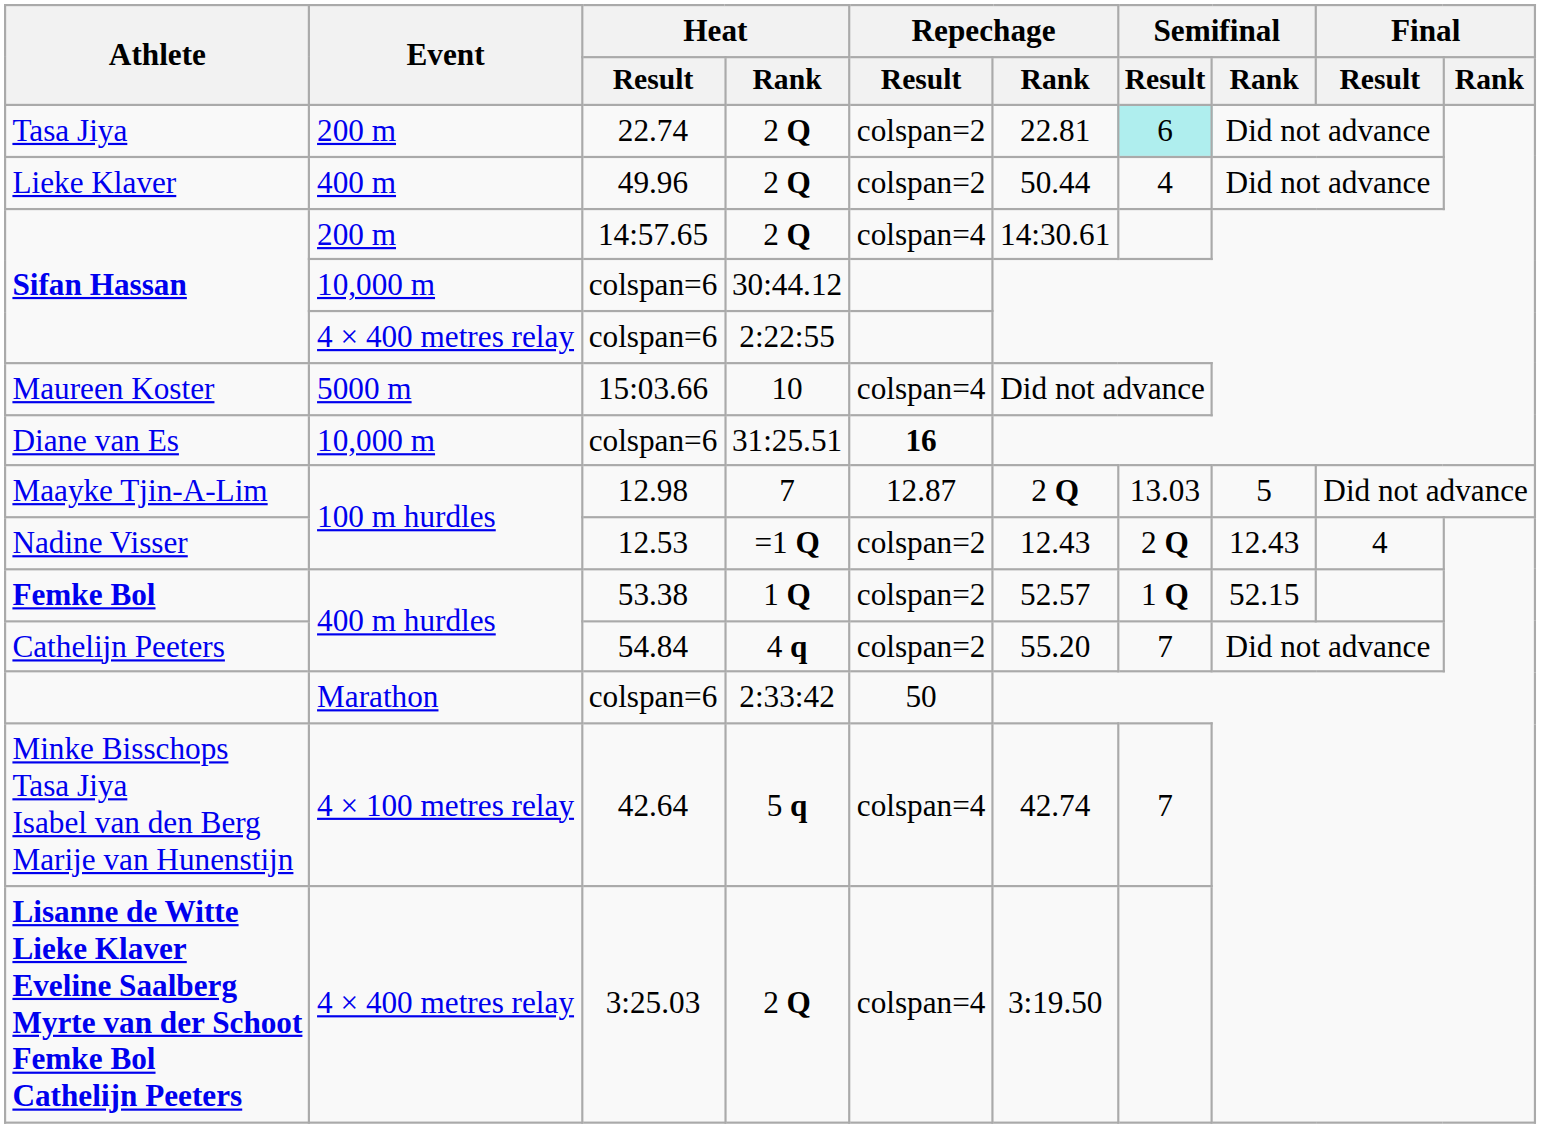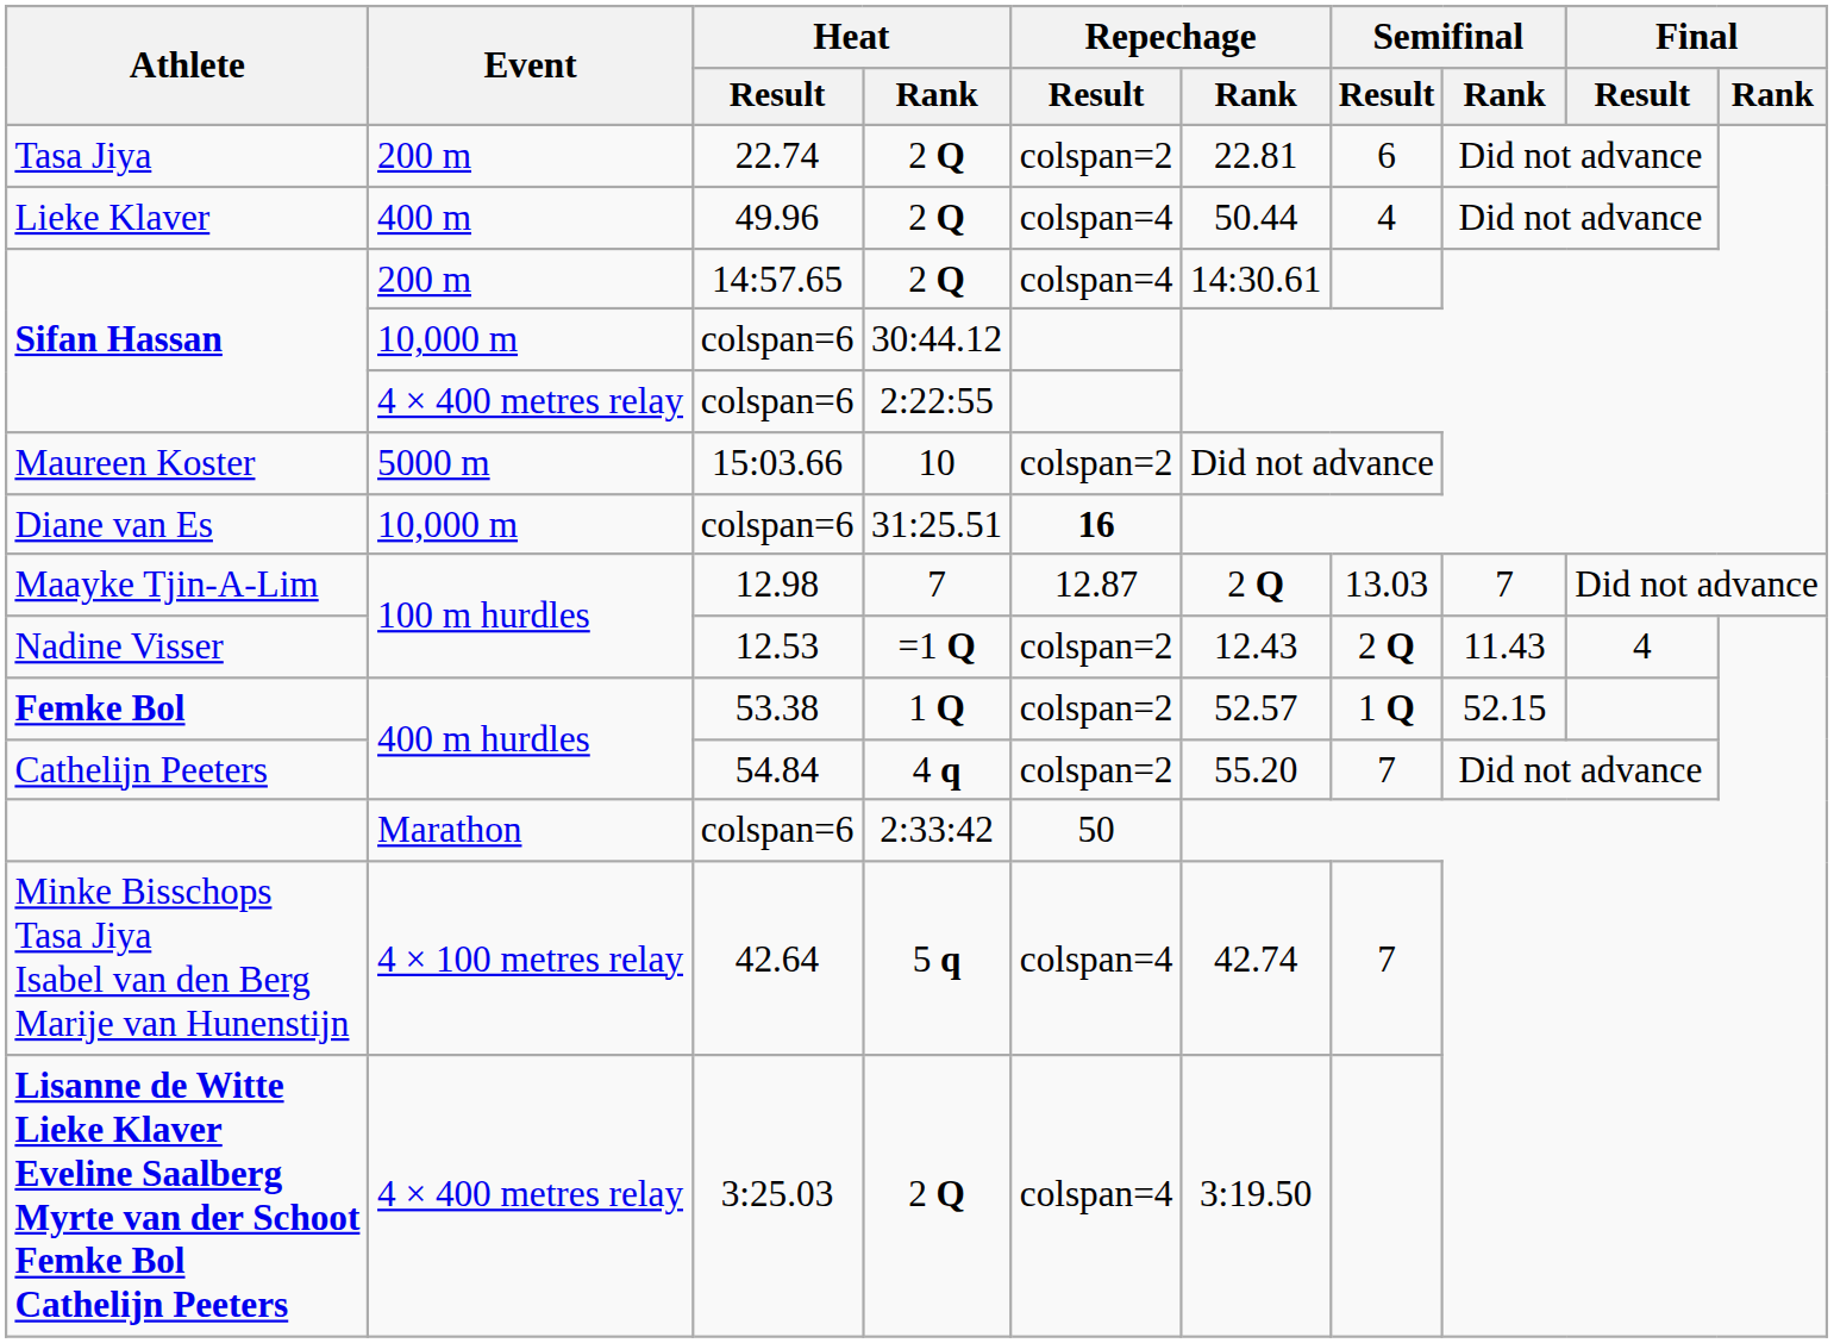 <table class="wikitable" style="font-size:90%">
 <tr>
 <th rowspan="2">Athlete</th>
 <th rowspan="2">Event</th>
 <th colspan="2">Heat</th>
 <th colspan="2">Repechage</th>
 <th colspan="2">Semifinal</th>
 <th colspan="2">Final</th>
 </tr>
 <tr style="font-size:95%">
 <th>Result</th>
 <th>Rank</th>
 <th>Result</th>
 <th>Rank</th>
 <th>Result</th>
 <th>Rank</th>
 <th>Result</th>
 <th>Rank</th>
 </tr>
 <tr align=center>
 <td align=left><a href='#'>Tasa Jiya</a></td>
 <td align=left><a href='#'>200 m</a></td>
 <td>22.74</td>
 <td>2 <strong>Q</strong></td>
 <td>colspan=2 </td>
 <td>22.81</td>
-<td style="background: paleturquoise;">6</td>
+<td>6</td>
 <td colspan=2>Did not advance</td>
 </tr>
 <tr align=center>
 <td align=left><a href='#'>Lieke Klaver</a></td>
 <td align=left><a href='#'>400 m</a></td>
 <td>49.96</td>
 <td>2 <strong>Q</strong></td>
-<td>colspan=2 </td>
+<td>colspan=4 </td>
 <td>50.44</td>
 <td>4</td>
 <td colspan=2>Did not advance</td>
 </tr>
 <tr align=center>
 <td align=left rowspan=3><strong><a href='#'>Sifan Hassan</a></strong></td>
 <td align=left><a href='#'>200 m</a></td>
 <td>14:57.65</td>
 <td>2 <strong>Q</strong></td>
 <td>colspan=4 </td>
 <td>14:30.61</td>
 <td></td>
 </tr>
 <tr align=center>
 <td align=left><a href='#'>10,000 m</a></td>
 <td>colspan=6 </td>
 <td>30:44.12</td>
 <td></td>
 </tr>
 <tr align=center>
 <td align=left><a href='#'>4 × 400 metres relay</a></td>
 <td>colspan=6</td>
 <td>2:22:55 <strong></strong></td>
 <td></td>
 </tr>
 <tr align=center>
 <td align=left><a href='#'>Maureen Koster</a></td>
 <td align=left><a href='#'>5000 m</a></td>
 <td>15:03.66</td>
 <td>10</td>
-<td>colspan=4 </td>
+<td>colspan=2 </td>
 <td colspan=2>Did not advance</td>
 </tr>
 <tr align=center>
 <td align=left><a href='#'>Diane van Es</a></td>
 <td align=left><a href='#'>10,000 m</a></td>
 <td>colspan=6 </td>
 <td>31:25.51</td>
 <td><strong>16</strong></td>
 </tr>
 <tr align=center>
 <td align=left><a href='#'>Maayke Tjin-A-Lim</a></td>
 <td align=left rowspan=2><a href='#'>100 m hurdles</a></td>
 <td>12.98</td>
 <td>7</td>
 <td>12.87</td>
 <td>2 <strong>Q</strong></td>
 <td>13.03</td>
-<td>5</td>
+<td>7</td>
 <td colspan=2>Did not advance</td>
 </tr>
 <tr align=center>
 <td align=left><a href='#'>Nadine Visser</a></td>
 <td>12.53</td>
 <td>=1 <strong>Q</strong></td>
 <td>colspan=2 </td>
 <td>12.43</td>
 <td>2 <strong>Q</strong></td>
-<td>12.43</td>
+<td>11.43</td>
 <td>4</td>
 </tr>
 <tr align=center>
 <td align=left><strong><a href='#'>Femke Bol</a></strong></td>
 <td align=left rowspan="2"><a href='#'>400 m hurdles</a></td>
 <td>53.38</td>
 <td>1 <strong>Q</strong></td>
 <td>colspan=2 </td>
 <td>52.57</td>
 <td>1 <strong>Q</strong></td>
 <td>52.15</td>
 <td></td>
 </tr>
 <tr align=center>
 <td align=left><a href='#'>Cathelijn Peeters</a></td>
 <td>54.84</td>
 <td>4 <strong>q</strong></td>
 <td>colspan=2 </td>
 <td>55.20</td>
 <td>7</td>
 <td colspan=2>Did not advance</td>
 </tr>
 <tr align=center>
 <td align=left></td>
 <td align=left><a href='#'>Marathon</a></td>
 <td>colspan=6 </td>
 <td>2:33:42</td>
 <td>50</td>
 </tr>
 <tr align=center>
 <td align=left><a href='#'>Minke Bisschops</a><br><a href='#'>Tasa Jiya</a><br><a href='#'>Isabel van den Berg</a><br><a href='#'>Marije van Hunenstijn</a></td>
 <td align=left><a href='#'>4 × 100 metres relay</a></td>
 <td>42.64</td>
 <td>5 <strong>q</strong></td>
 <td>colspan=4 </td>
 <td>42.74</td>
 <td>7</td>
 </tr>
 <tr align=center>
 <td align=left><strong><a href='#'>Lisanne de Witte</a><br><a href='#'>Lieke Klaver</a><br><a href='#'>Eveline Saalberg</a><br><a href='#'>Myrte van der Schoot</a><br><a href='#'>Femke Bol</a><br><a href='#'>Cathelijn Peeters</a></strong></td>
 <td align=left><a href='#'>4 × 400 metres relay</a></td>
 <td>3:25.03</td>
 <td>2 <strong>Q</strong></td>
 <td>colspan=4 </td>
 <td>3:19.50 <strong></strong></td>
 <td></td>
 </tr>
 </table>
